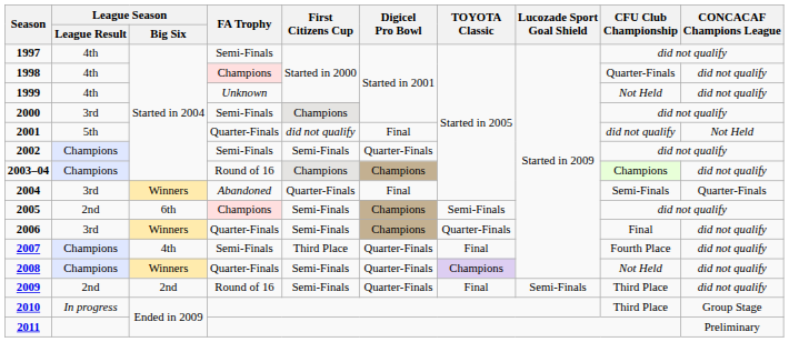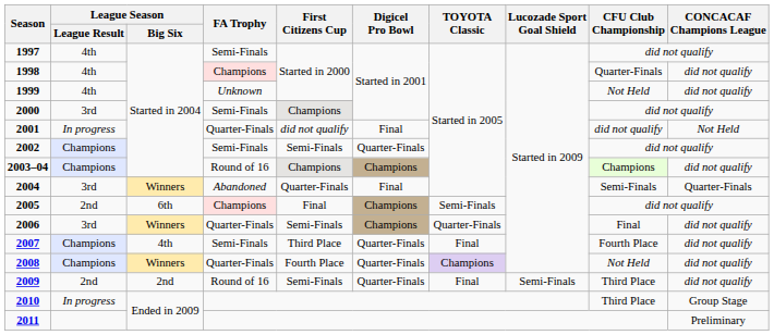 <table class="wikitable" style="text-align:center; font-size:90%;">
 <tr>
 <th rowspan=2><strong>Season</strong></th>
 <th colspan=2><strong>League Season</strong></th>
 <th rowspan=2><strong>FA Trophy</strong></th>
 <th rowspan=2><strong>First<br>Citizens Cup</strong></th>
 <th rowspan=2><strong>Digicel<br>Pro Bowl</strong></th>
 <th rowspan=2><strong>TOYOTA<br>Classic</strong></th>
 <th rowspan=2><strong>Lucozade Sport<br>Goal Shield</strong></th>
 <th rowspan=2><strong>CFU Club<br>Championship</strong></th>
 <th rowspan=2><strong>CONCACAF<br>Champions League</strong></th>
 </tr>
 <tr>
 <th>League Result</th>
 <th>Big Six</th>
 </tr>
 <tr>
 <td><strong>1997</strong></td>
 <td>4th</td>
 <td rowspan=7>Started in 2004</td>
 <td>Semi-Finals</td>
 <td rowspan=3>Started in 2000</td>
 <td rowspan=4>Started in 2001</td>
 <td rowspan=8>Started in 2005</td>
 <td rowspan=12>Started in 2009</td>
 <td colspan=2><em>did not qualify</em></td>
 </tr>
 <tr>
 <td><strong>1998</strong></td>
 <td>4th</td>
 <td bgcolor="#FFDFDF">Champions</td>
 <td>Quarter-Finals</td>
 <td><em>did not qualify</em></td>
 </tr>
 <tr>
 <td><strong>1999</strong></td>
 <td>4th</td>
 <td><em>Unknown</em></td>
 <td><em>Not Held</em></td>
 <td><em>did not qualify</em></td>
 </tr>
 <tr>
 <td><strong>2000</strong></td>
 <td>3rd</td>
 <td>Semi-Finals</td>
 <td bgcolor="#E5E4E2">Champions</td>
 <td colspan=2><em>did not qualify</em></td>
 </tr>
 <tr>
 <td><strong>2001</strong></td>
-<td>5th</td>
+<td><em>In progress</em></td>
 <td>Quarter-Finals</td>
 <td><em>did not qualify</em></td>
 <td>Final</td>
 <td><em>did not qualify</em></td>
 <td><em>Not Held</em></td>
 </tr>
 <tr>
 <td><strong>2002</strong></td>
 <td bgcolor="#DFE7FF">Champions</td>
 <td>Semi-Finals</td>
 <td>Semi-Finals</td>
 <td>Quarter-Finals</td>
 <td colspan=2><em>did not qualify</em></td>
 </tr>
 <tr>
 <td><strong>2003–04</strong></td>
 <td bgcolor="#DFE7FF">Champions</td>
 <td>Round of 16</td>
 <td bgcolor="#E5E4E2">Champions</td>
 <td bgcolor="#C3B091">Champions</td>
 <td bgcolor="#E8FFD8">Champions</td>
 <td><em>did not qualify</em></td>
 </tr>
 <tr>
 <td><strong>2004</strong></td>
 <td>3rd</td>
 <td bgcolor="#FFEBAD">Winners</td>
 <td><em>Abandoned</em></td>
 <td>Quarter-Finals</td>
 <td>Final</td>
 <td>Semi-Finals</td>
 <td>Quarter-Finals</td>
 </tr>
 <tr>
 <td><strong>2005</strong></td>
 <td>2nd</td>
 <td>6th</td>
 <td bgcolor="#FFDFDF">Champions</td>
-<td>Semi-Finals</td>
+<td>Final</td>
 <td bgcolor="#C3B091">Champions</td>
 <td>Semi-Finals</td>
 <td colspan=2><em>did not qualify</em></td>
 </tr>
 <tr>
 <td><strong>2006</strong></td>
 <td>3rd</td>
 <td bgcolor="#FFEBAD">Winners</td>
 <td>Quarter-Finals</td>
 <td>Semi-Finals</td>
 <td bgcolor="#C3B091">Champions</td>
 <td>Quarter-Finals</td>
 <td>Final</td>
 <td><em>did not qualify</em></td>
 </tr>
 <tr>
 <td><strong><a href='#'>2007</a></strong></td>
 <td bgcolor="#DFE7FF">Champions</td>
 <td>4th</td>
 <td>Semi-Finals</td>
 <td>Third Place</td>
 <td>Quarter-Finals</td>
 <td>Final</td>
 <td>Fourth Place</td>
 <td><em>did not qualify</em></td>
 </tr>
 <tr>
 <td><strong><a href='#'>2008</a></strong></td>
 <td bgcolor="#DFE7FF">Champions</td>
 <td bgcolor="#FFEBAD">Winners</td>
 <td>Quarter-Finals</td>
-<td>Semi-Finals</td>
+<td>Fourth Place</td>
 <td>Quarter-Finals</td>
 <td bgcolor="#DDCEF2">Champions</td>
 <td><em>Not Held</em></td>
 <td><em>did not qualify</em></td>
 </tr>
 <tr>
 <td><strong><a href='#'>2009</a></strong></td>
 <td>2nd</td>
 <td>2nd</td>
 <td>Round of 16</td>
 <td>Semi-Finals</td>
 <td>Quarter-Finals</td>
 <td>Final</td>
 <td>Semi-Finals</td>
 <td>Third Place</td>
 <td><em>did not qualify</em></td>
 </tr>
 <tr>
 <td><strong><a href='#'>2010</a></strong></td>
 <td><em>In progress</em></td>
 <td rowspan=2>Ended in 2009</td>
 <td colspan=5 style="border-bottom:0px;"></td>
 <td>Third Place</td>
 <td>Group Stage</td>
 </tr>
 <tr>
 <td><strong><a href='#'>2011</a></strong></td>
 <td colspan=1 style="border-bottom:0px;"></td>
 <td colspan=6 style="border-bottom:0px;"></td>
 <td>Preliminary</td>
 </tr>
 </table>
